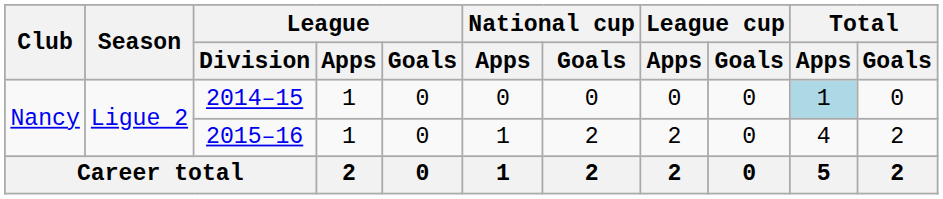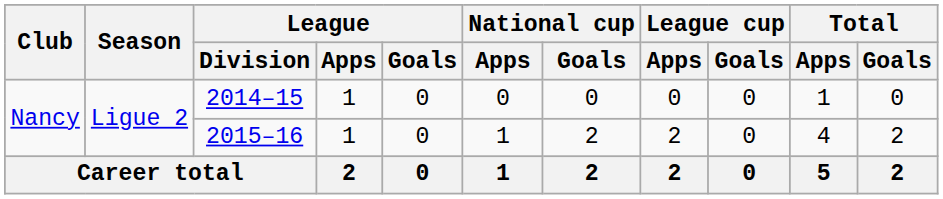 <table class="wikitable" style="text-align:center">
 <tr>
 <th rowspan="2">Club</th>
 <th rowspan="2">Season</th>
 <th colspan="3">League</th>
 <th colspan="2">National cup</th>
 <th colspan="2">League cup</th>
 <th colspan="2">Total</th>
 </tr>
 <tr>
 <th>Division</th>
 <th>Apps</th>
 <th>Goals</th>
 <th>Apps</th>
 <th>Goals</th>
 <th>Apps</th>
 <th>Goals</th>
 <th>Apps</th>
 <th>Goals</th>
 </tr>
 <tr>
 <td rowspan="2"><a href='#'>Nancy</a></td>
 <td rowspan="2"><a href='#'>Ligue 2</a></td>
 <td><a href='#'>2014–15</a></td>
 <td>1</td>
 <td>0</td>
 <td>0</td>
 <td>0</td>
 <td>0</td>
 <td>0</td>
-<td style="background: lightblue;">1</td>
+<td>1</td>
 <td>0</td>
 </tr>
 <tr>
 <td><a href='#'>2015–16</a></td>
 <td>1</td>
 <td>0</td>
 <td>1</td>
 <td>2</td>
 <td>2</td>
 <td>0</td>
 <td>4</td>
 <td>2</td>
 </tr>
 <tr>
 <th colspan="3">Career total</th>
 <th>2</th>
 <th>0</th>
 <th>1</th>
 <th>2</th>
 <th>2</th>
 <th>0</th>
 <th>5</th>
 <th>2</th>
 </tr>
 </table>
